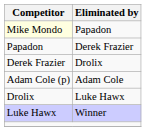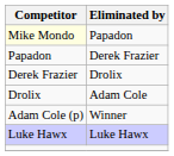 <table class="wikitable">
 <tr>
 <th>Competitor</th>
 <th>Eliminated by</th>
 </tr>
 <tr>
 <td style="background: lightyellow;">Mike Mondo</td>
 <td>Papadon</td>
 </tr>
 <tr>
 <td>Papadon</td>
 <td>Derek Frazier</td>
 </tr>
 <tr>
 <td>Derek Frazier</td>
 <td>Drolix</td>
 </tr>
 <tr>
-<td>Adam Cole (p)</td>
+<td>Drolix</td>
 <td>Adam Cole</td>
 </tr>
 <tr>
-<td>Drolix</td>
-<td>Luke Hawx</td>
+<td>Adam Cole (p)</td>
+<td>Winner</td>
 </tr>
 <tr style="background: #CCCCFF;">
 <td>Luke Hawx</td>
-<td>Winner</td>
+<td>Luke Hawx</td>
 </tr>
 <tr>
 <td colspan="2"></td>
 </tr>
 <tr>
 </tr>
 </table>
